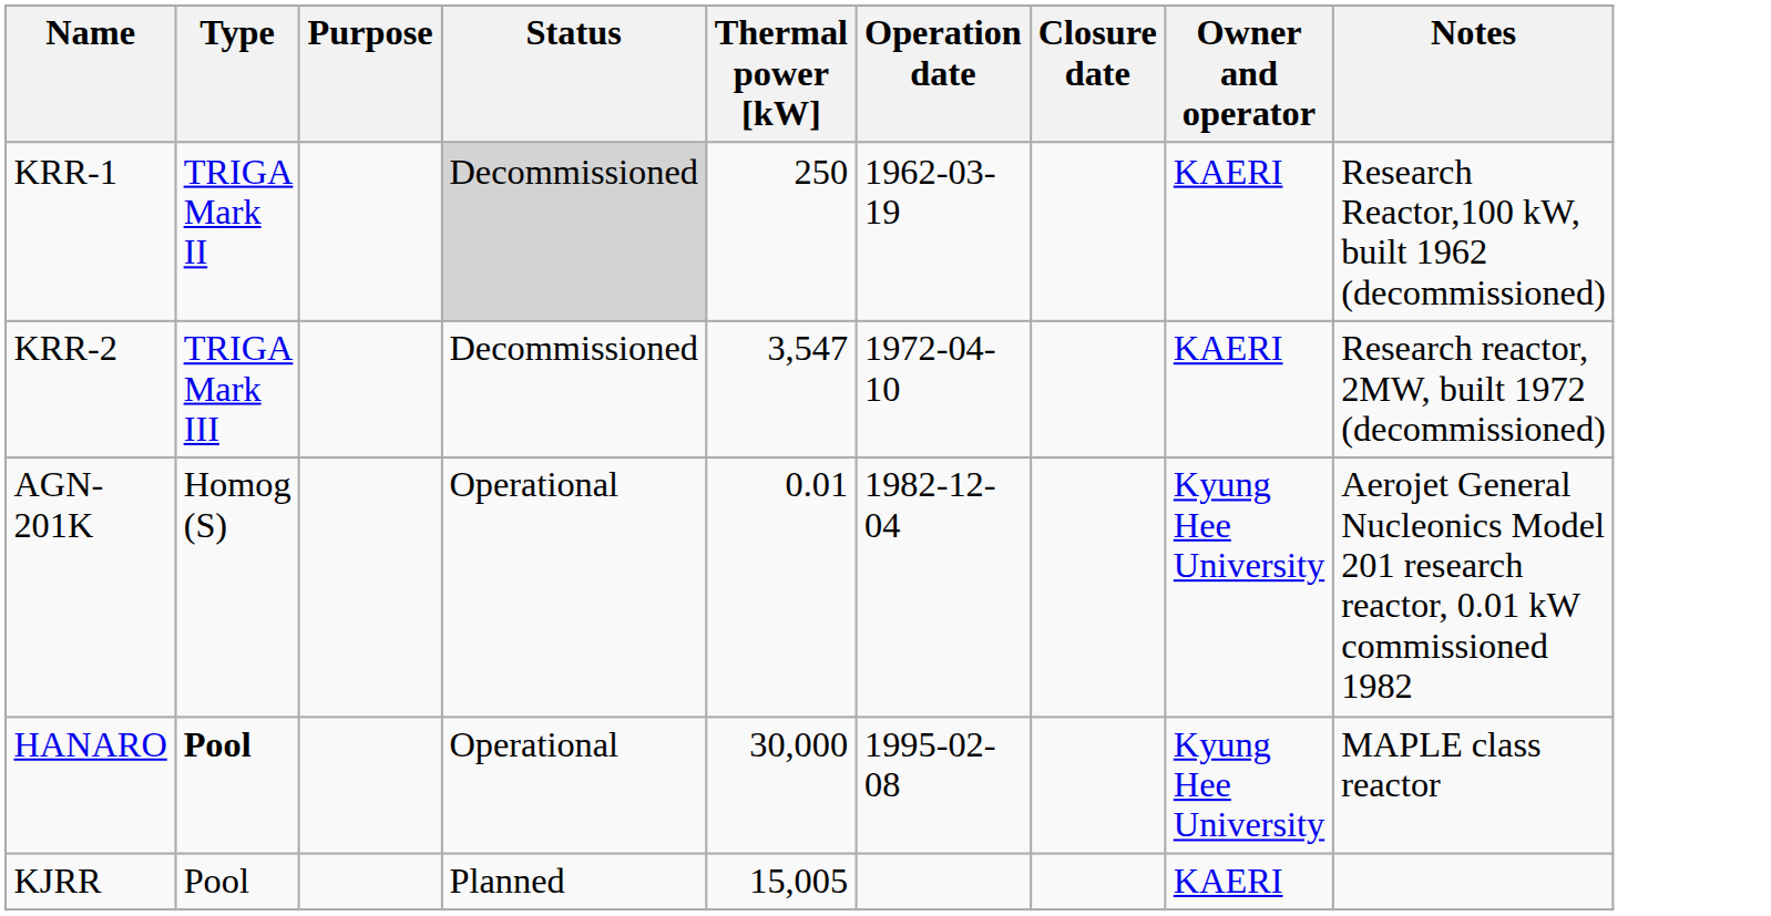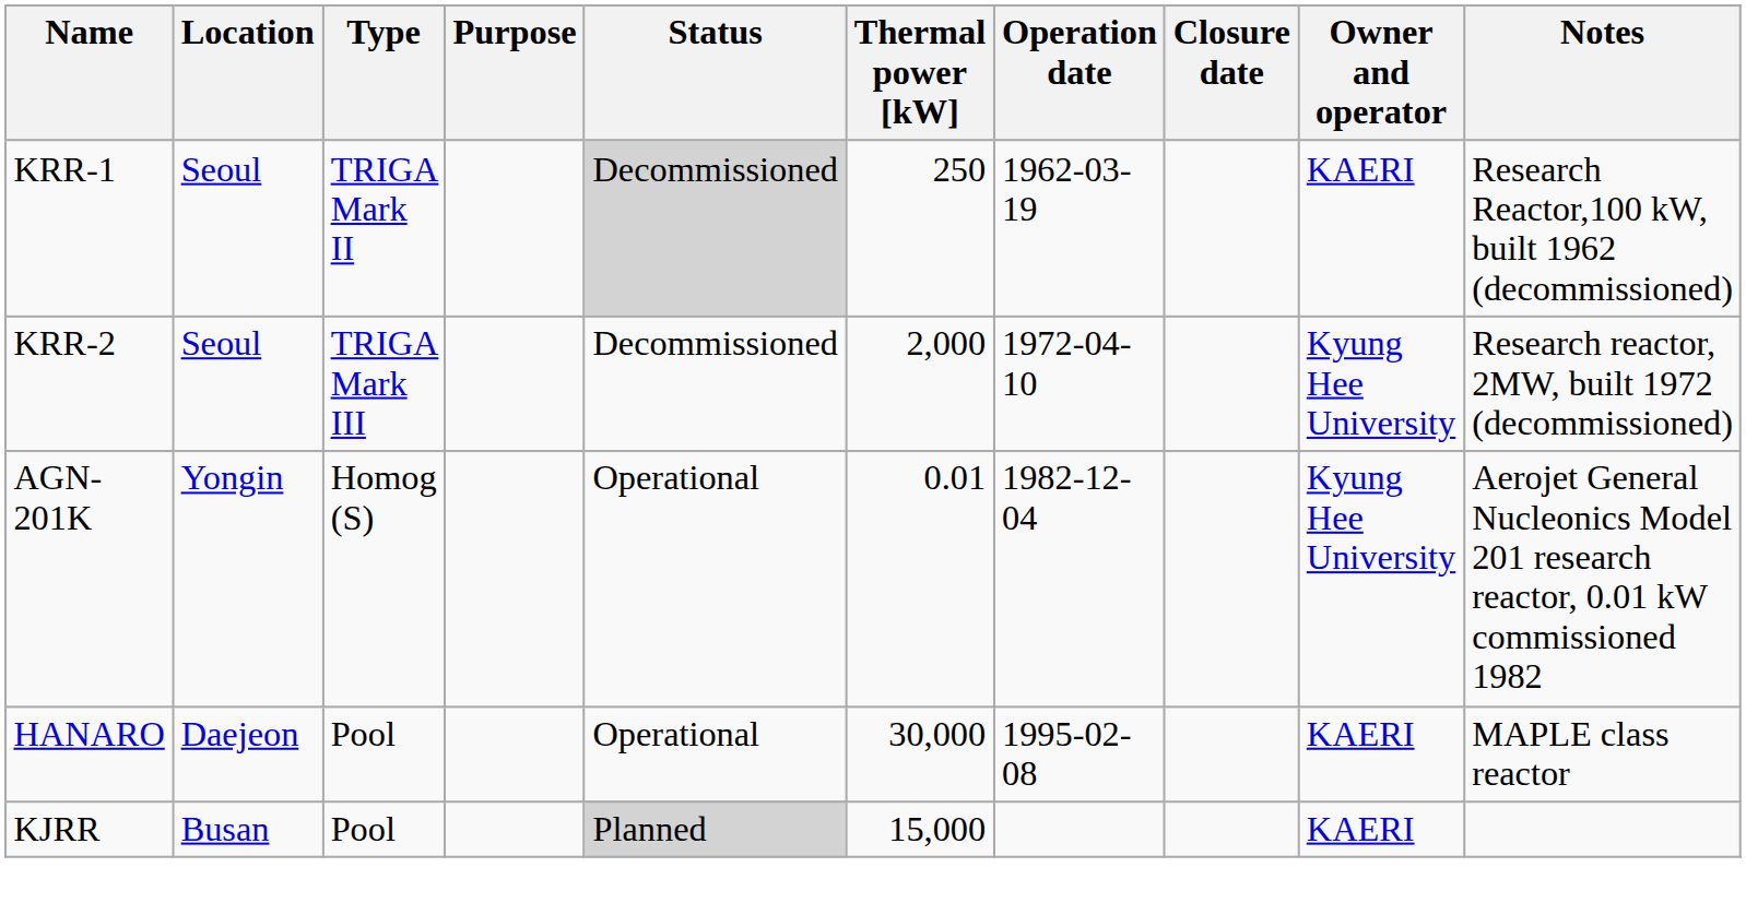 <table class="wikitable" >
 <tr valign="top">
 <th width="80">Name</th>
+<th width="65">Location</th>
 <th width="76">Type</th>
 <th width="65">Purpose</th>
 <th width="91">Status</th>
 <th width="70“">Thermal power [kW]</th>
 <th width=„67“>Operation date</th>
 <th width="78“">Closure date</th>
 <th width="113“">Owner and operator</th>
 <th width="65">Notes</th>
 </tr>
 <tr valign="top">
 <td>KRR-1</td>
+<td><a href='#'>Seoul</a></td>
 <td><a href='#'>TRIGA Mark II</a></td>
 <td></td>
 <td style="background: lightgrey;">Decommissioned</td>
 <td align="right">250</td>
 <td>1962-03-19</td>
 <td> </td>
 <td><a href='#'>KAERI</a></td>
 <td>Research Reactor,100 kW, built 1962 (decommissioned)</td>
 </tr>
 <tr valign="top">
 <td>KRR-2</td>
+<td><a href='#'>Seoul</a></td>
 <td><a href='#'>TRIGA Mark III</a></td>
 <td></td>
 <td>Decommissioned</td>
-<td align="right">3,547</td>
+<td align="right">2,000</td>
 <td>1972-04-10</td>
 <td></td>
-<td><a href='#'>KAERI</a></td>
+<td><a href='#'>Kyung Hee University</a></td>
 <td>Research reactor, 2MW, built 1972 (decommissioned)</td>
 </tr>
 <tr valign="top">
 <td>AGN-201K</td>
+<td><a href='#'>Yongin</a></td>
 <td>Homog (S)</td>
 <td></td>
 <td>Operational</td>
 <td align="right">0.01</td>
 <td>1982-12-04</td>
 <td> </td>
 <td><a href='#'>Kyung Hee University</a></td>
 <td>Aerojet General Nucleonics Model 201 research reactor, 0.01 kW commissioned 1982</td>
 </tr>
 <tr valign="top">
 <td><a href='#'>HANARO</a></td>
-<td><strong>Pool</strong></td>
+<td><a href='#'>Daejeon</a></td>
+<td>Pool</td>
 <td></td>
 <td>Operational</td>
 <td align="right">30,000</td>
 <td>1995-02-08</td>
 <td> </td>
-<td><a href='#'>Kyung Hee University</a></td>
+<td><a href='#'>KAERI</a></td>
 <td>MAPLE class reactor</td>
 </tr>
 <tr valign="top">
 <td>KJRR</td>
+<td><a href='#'>Busan</a></td>
 <td>Pool</td>
 <td></td>
-<td>Planned</td>
-<td align="right">15,005</td>
+<td style="background: lightgrey;">Planned</td>
+<td align="right">15,000</td>
 <td> </td>
 <td></td>
 <td><a href='#'>KAERI</a></td>
 <td></td>
 </tr>
 </table>
